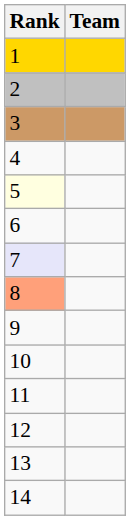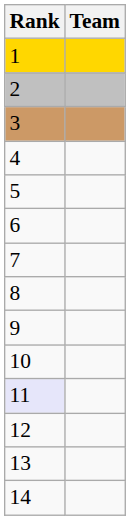 <table class="wikitable">
 <tr>
 <th>Rank</th>
 <th>Team</th>
 </tr>
 <tr style="background:gold;">
 <td>1</td>
 <td></td>
 </tr>
 <tr style="background:silver;">
 <td>2</td>
 <td></td>
 </tr>
 <tr style="background:#c96;">
 <td>3</td>
 <td></td>
 </tr>
 <tr>
 <td>4</td>
 <td></td>
 </tr>
 <tr>
-<td style="background: lightyellow;">5</td>
+<td>5</td>
 <td></td>
 </tr>
 <tr>
 <td>6</td>
 <td></td>
 </tr>
 <tr>
-<td style="background: lavender;">7</td>
+<td>7</td>
 <td></td>
 </tr>
 <tr>
-<td style="background: lightsalmon;">8</td>
+<td>8</td>
 <td></td>
 </tr>
 <tr>
 <td>9</td>
 <td></td>
 </tr>
 <tr>
 <td>10</td>
 <td></td>
 </tr>
 <tr>
-<td>11</td>
+<td style="background: lavender;">11</td>
 <td></td>
 </tr>
 <tr>
 <td>12</td>
 <td></td>
 </tr>
 <tr>
 <td>13</td>
 <td></td>
 </tr>
 <tr>
 <td>14</td>
 <td></td>
 </tr>
 </table>
